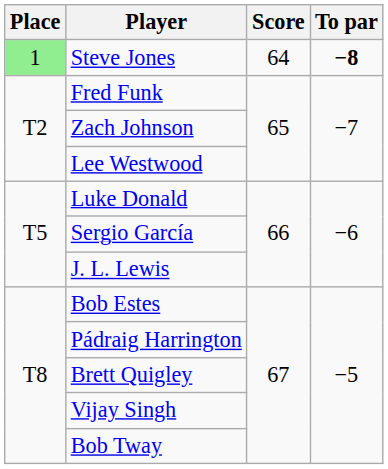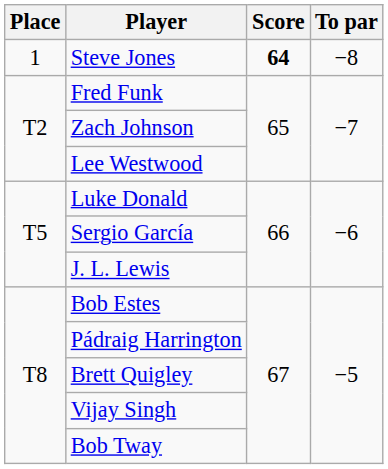 <table class="wikitable">
 <tr>
 <th>Place</th>
 <th>Player</th>
 <th>Score</th>
 <th>To par</th>
 </tr>
 <tr>
-<td align=center style="background: lightgreen;">1</td>
+<td align=center>1</td>
 <td> <a href='#'>Steve Jones</a></td>
-<td align=center>64</td>
-<td align=center><strong>−8</strong></td>
+<td align=center><strong>64</strong></td>
+<td align=center>−8</td>
 </tr>
 <tr>
 <td align=center rowspan="3">T2</td>
 <td> <a href='#'>Fred Funk</a></td>
 <td rowspan="3" align=center>65</td>
 <td rowspan="3" align=center>−7</td>
 </tr>
 <tr>
 <td> <a href='#'>Zach Johnson</a></td>
 </tr>
 <tr>
 <td> <a href='#'>Lee Westwood</a></td>
 </tr>
 <tr>
 <td align=center rowspan="3">T5</td>
 <td> <a href='#'>Luke Donald</a></td>
 <td rowspan="3" align=center>66</td>
 <td rowspan="3" align=center>−6</td>
 </tr>
 <tr>
 <td> <a href='#'>Sergio García</a></td>
 </tr>
 <tr>
 <td> <a href='#'>J. L. Lewis</a></td>
 </tr>
 <tr>
 <td align=center rowspan="5">T8</td>
 <td> <a href='#'>Bob Estes</a></td>
 <td rowspan="5" align=center>67</td>
 <td rowspan="5" align=center>−5</td>
 </tr>
 <tr>
 <td> <a href='#'>Pádraig Harrington</a></td>
 </tr>
 <tr>
 <td> <a href='#'>Brett Quigley</a></td>
 </tr>
 <tr>
 <td> <a href='#'>Vijay Singh</a></td>
 </tr>
 <tr>
 <td> <a href='#'>Bob Tway</a></td>
 </tr>
 </table>
